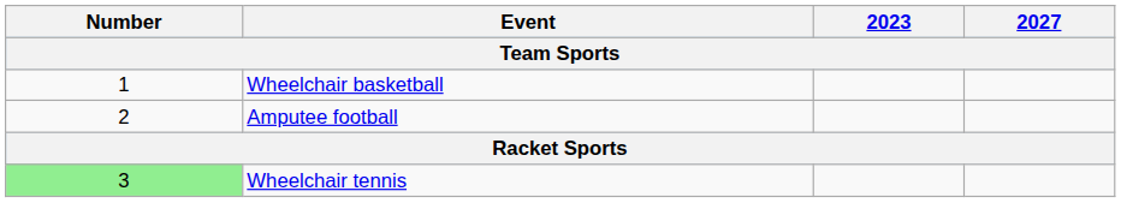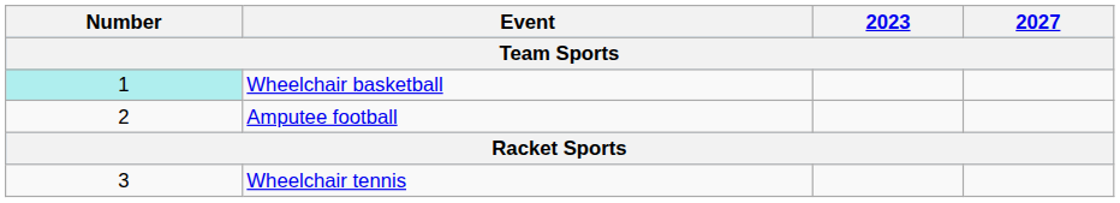 <table class="wikitable sortable" width=90% style="font-size:90%; text-align:left;">
 <tr>
 <th>Number</th>
 <th>Event</th>
 <th><a href='#'>2023</a></th>
 <th><a href='#'>2027</a></th>
 </tr>
 <tr style="background:#9acdff;">
 <th colspan=7>Team Sports</th>
 </tr>
 <tr>
-<td align=center>1</td>
+<td align=center style="background: paleturquoise;">1</td>
 <td><a href='#'>Wheelchair basketball</a></td>
 <td></td>
 <td></td>
 </tr>
 <tr>
 <td align=center>2</td>
 <td><a href='#'>Amputee football</a></td>
 <td></td>
 <td></td>
 </tr>
 <tr style="background:#9acdff;">
 <th colspan=7>Racket Sports</th>
 </tr>
 <tr>
-<td align=center style="background: lightgreen;">3</td>
+<td align=center>3</td>
 <td><a href='#'>Wheelchair tennis</a></td>
 <td></td>
 <td></td>
 </tr>
 </table>
